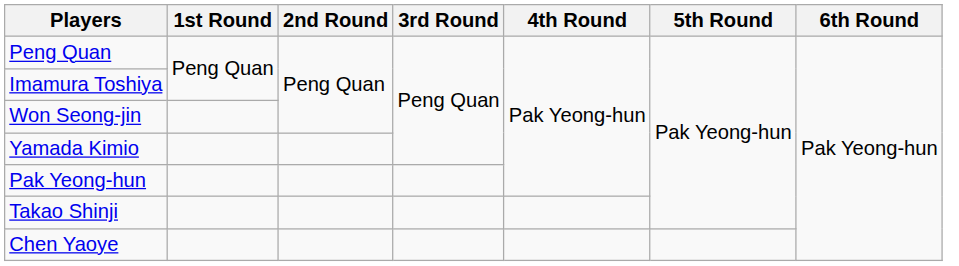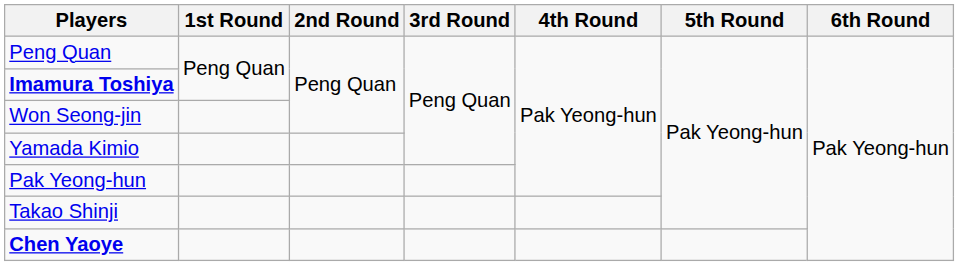 <table class="wikitable">
 <tr>
 <th>Players</th>
 <th>1st Round</th>
 <th>2nd Round</th>
 <th>3rd Round</th>
 <th>4th Round</th>
 <th>5th Round</th>
 <th>6th Round</th>
 </tr>
 <tr>
 <td> <a href='#'>Peng Quan</a></td>
 <td rowspan="2" valign="center">Peng Quan</td>
 <td rowspan="3" valign="center">Peng Quan</td>
 <td rowspan="4" valign="center">Peng Quan</td>
 <td rowspan="5" valign="center">Pak Yeong-hun</td>
 <td rowspan="6" valign="center">Pak Yeong-hun</td>
 <td rowspan="7" valign="center">Pak Yeong-hun</td>
 </tr>
 <tr>
-<td> <a href='#'>Imamura Toshiya</a></td>
+<td><strong> <a href='#'>Imamura Toshiya</a></strong></td>
 </tr>
 <tr>
 <td> <a href='#'>Won Seong-jin</a></td>
 <td></td>
 </tr>
 <tr>
 <td> <a href='#'>Yamada Kimio</a></td>
 <td></td>
 <td></td>
 </tr>
 <tr>
 <td> <a href='#'>Pak Yeong-hun</a></td>
 <td></td>
 <td></td>
 <td></td>
 </tr>
 <tr>
 <td> <a href='#'>Takao Shinji</a></td>
 <td></td>
 <td></td>
 <td></td>
 <td></td>
 </tr>
 <tr>
-<td> <a href='#'>Chen Yaoye</a></td>
+<td><strong> <a href='#'>Chen Yaoye</a></strong></td>
 <td></td>
 <td></td>
 <td></td>
 <td></td>
 <td></td>
 </tr>
 </table>
